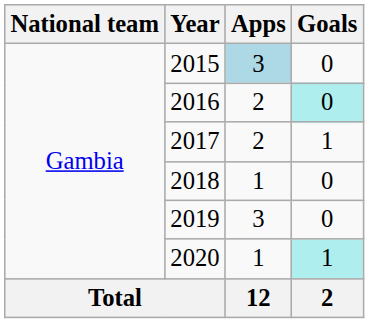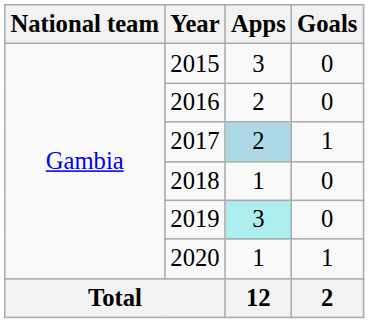 <table class="wikitable" style="text-align:center">
 <tr>
 <th>National team</th>
 <th>Year</th>
 <th>Apps</th>
 <th>Goals</th>
 </tr>
 <tr>
 <td rowspan="6"><a href='#'>Gambia</a></td>
 <td>2015</td>
-<td style="background: lightblue;">3</td>
+<td>3</td>
 <td>0</td>
 </tr>
 <tr>
 <td>2016</td>
 <td>2</td>
-<td style="background: paleturquoise;">0</td>
+<td>0</td>
 </tr>
 <tr>
 <td>2017</td>
-<td>2</td>
+<td style="background: lightblue;">2</td>
 <td>1</td>
 </tr>
 <tr>
 <td>2018</td>
 <td>1</td>
 <td>0</td>
 </tr>
 <tr>
 <td>2019</td>
-<td>3</td>
+<td style="background: paleturquoise;">3</td>
 <td>0</td>
 </tr>
 <tr>
 <td>2020</td>
 <td>1</td>
-<td style="background: paleturquoise;">1</td>
+<td>1</td>
 </tr>
 <tr>
 <th colspan="2">Total</th>
 <th>12</th>
 <th>2</th>
 </tr>
 </table>
